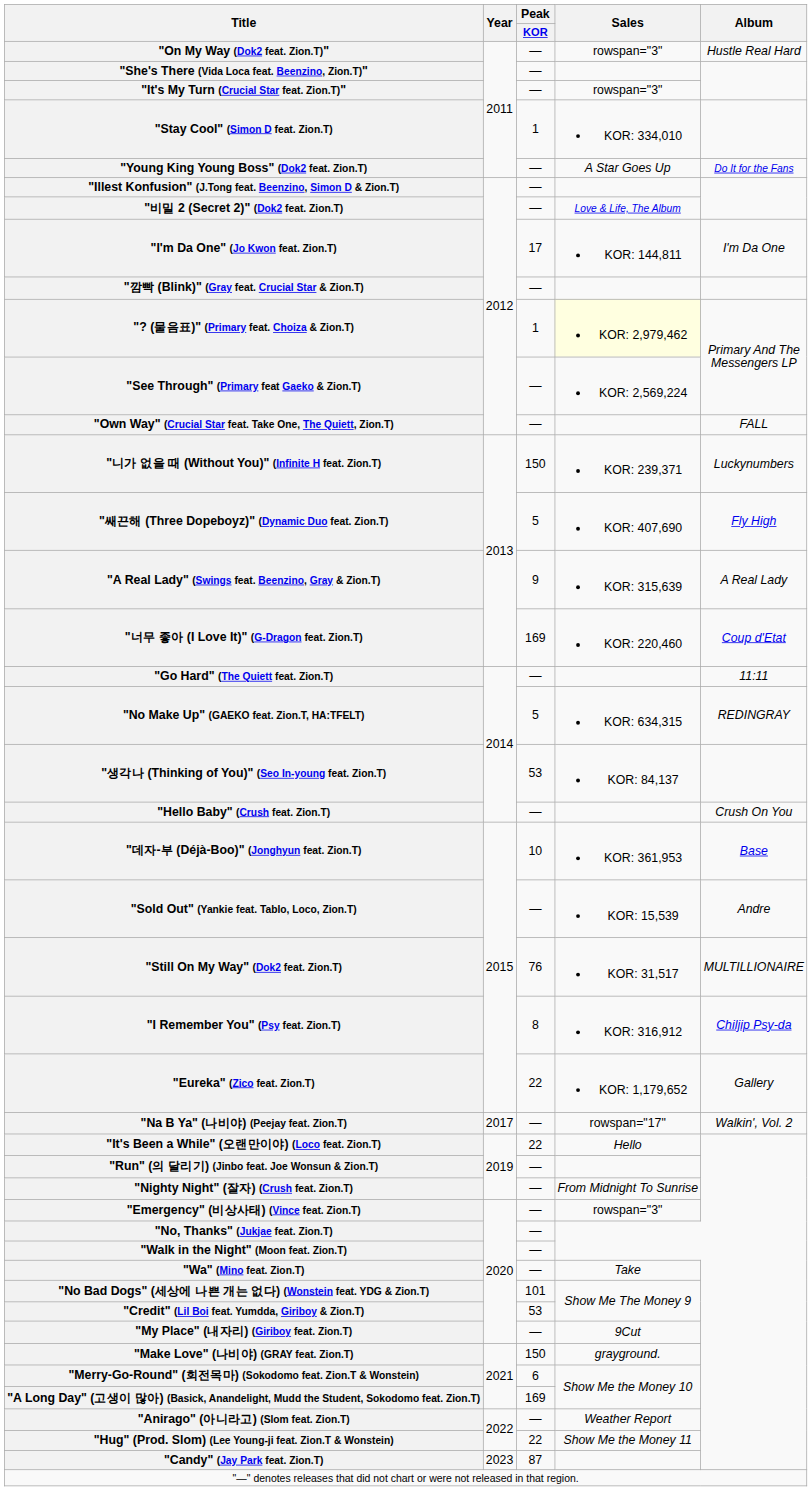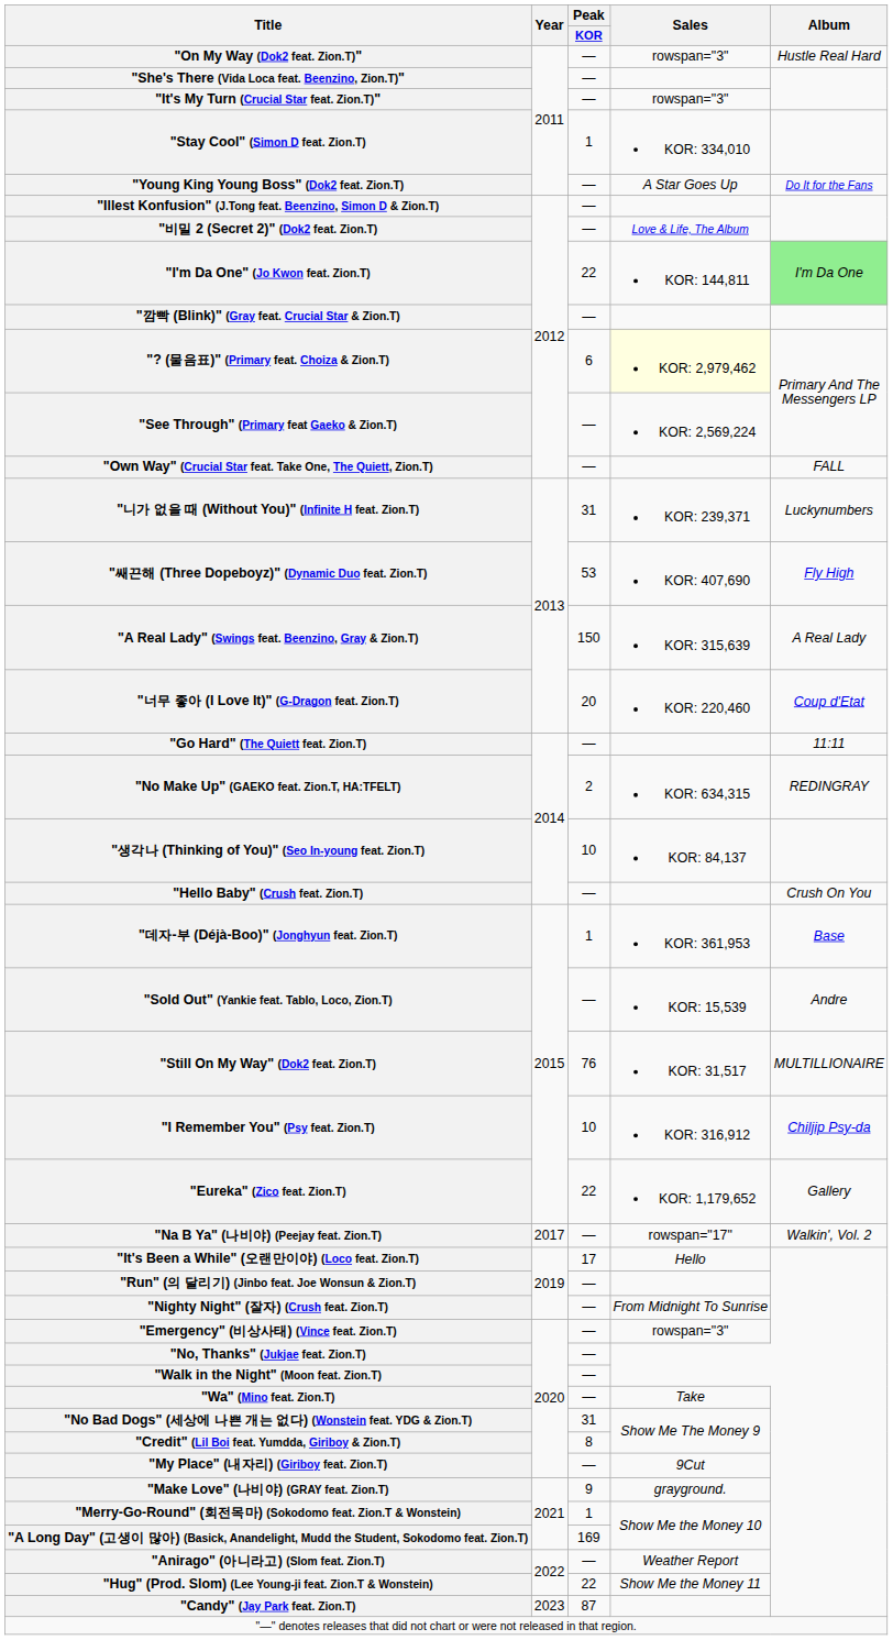 <table class="wikitable plainrowheaders" style="text-align:center">
 <tr>
 <th scope="col" rowspan="2">Title</th>
 <th scope="col" rowspan="2">Year</th>
 <th scope="col">Peak</th>
 <th scope="col" rowspan="2">Sales</th>
 <th scope="col" rowspan="2">Album</th>
 </tr>
 <tr>
 <th style="width:3em;font-size:90%"><a href='#'>KOR</a><br></th>
 </tr>
 <tr>
 <th scope="row">"On My Way <small>(<a href='#'>Dok2</a> feat. Zion.T)</small>"</th>
 <td rowspan=5>2011</td>
 <td>—</td>
 <td>rowspan="3" </td>
 <td><em>Hustle Real Hard</em></td>
 </tr>
 <tr>
 <th scope="row">"She's There <small>(Vida Loca feat. <a href='#'>Beenzino</a>, Zion.T)</small>"</th>
 <td>—</td>
 <td></td>
 </tr>
 <tr>
 <th scope="row">"It's My Turn <small>(<a href='#'>Crucial Star</a> feat. Zion.T)</small>"</th>
 <td>—</td>
 <td>rowspan="3" </td>
 </tr>
 <tr>
 <th scope="row">"Stay Cool" <small>(<a href='#'>Simon D</a> feat. Zion.T)</small></th>
 <td>1</td>
 <td><br><ul><li>KOR: 334,010</li></ul></td>
 <td></td>
 </tr>
 <tr>
 <th scope="row">"Young King Young Boss" <small>(<a href='#'>Dok2</a> feat. Zion.T)</small></th>
 <td>—</td>
 <td><em>A Star Goes Up</em></td>
 <td><small><em><a href='#'>Do It for the Fans</a></em></small></td>
 </tr>
 <tr>
 <th scope="row">"Illest Konfusion" <small>(J.Tong feat. <a href='#'>Beenzino</a>, <a href='#'>Simon D</a> & Zion.T)</small></th>
 <td rowspan=7>2012</td>
 <td>—</td>
 <td></td>
 </tr>
 <tr>
 <th scope="row">"비밀 2 (Secret 2)" <small>(<a href='#'>Dok2</a> feat. Zion.T)</small></th>
 <td>—</td>
 <td><small><em><a href='#'>Love & Life, The Album</a></em></small></td>
 </tr>
 <tr>
 <th scope="row">"I'm Da One" <small>(<a href='#'>Jo Kwon</a> feat. Zion.T)</small></th>
-<td>17</td>
+<td>22</td>
 <td><br><ul><li>KOR: 144,811</li></ul></td>
-<td><em>I'm Da One</em></td>
+<td style="background: lightgreen;"><em>I'm Da One</em></td>
 </tr>
 <tr>
 <th scope="row">"깜빡 (Blink)" <small>(<a href='#'>Gray</a> feat. <a href='#'>Crucial Star</a> & Zion.T)</small></th>
 <td>—</td>
 <td></td>
 <td></td>
 </tr>
 <tr>
 <th scope="row">"? (물음표)" <small>(<a href='#'>Primary</a> feat. <a href='#'>Choiza</a> & Zion.T)</small></th>
-<td>1</td>
+<td>6</td>
 <td style="background: lightyellow;"><br><ul><li>KOR: 2,979,462</li></ul></td>
 <td rowspan=2><em>Primary And The<br>Messengers LP</em></td>
 </tr>
 <tr>
 <th scope="row">"See Through" <small>(<a href='#'>Primary</a> feat <a href='#'>Gaeko</a> & Zion.T)</small></th>
 <td>—</td>
 <td><br><ul><li>KOR: 2,569,224</li></ul></td>
 </tr>
 <tr>
 <th scope="row">"Own Way" <small>(<a href='#'>Crucial Star</a> feat. Take One, <a href='#'>The Quiett</a>, Zion.T)</small></th>
 <td>—</td>
 <td></td>
 <td><em>FALL</em></td>
 </tr>
 <tr>
 <th scope="row">"니가 없을 때 (Without You)" <small>(<a href='#'>Infinite H</a> feat. Zion.T)</small></th>
 <td rowspan=4>2013</td>
-<td>150</td>
+<td>31</td>
 <td><br><ul><li>KOR: 239,371</li></ul></td>
 <td><em>Luckynumbers</em></td>
 </tr>
 <tr>
 <th scope="row">"쌔끈해 (Three Dopeboyz)" <small>(<a href='#'>Dynamic Duo</a> feat. Zion.T)</small></th>
-<td>5</td>
+<td>53</td>
 <td><br><ul><li>KOR: 407,690</li></ul></td>
 <td><em><a href='#'>Fly High</a></em></td>
 </tr>
 <tr>
 <th scope="row">"A Real Lady" <small>(<a href='#'>Swings</a> feat. <a href='#'>Beenzino</a>, <a href='#'>Gray</a> & Zion.T)</small></th>
-<td>9</td>
+<td>150</td>
 <td><br><ul><li>KOR: 315,639</li></ul></td>
 <td><em>A Real Lady</em></td>
 </tr>
 <tr>
 <th scope="row">"너무 좋아 (I Love It)" <small>(<a href='#'>G-Dragon</a> feat. Zion.T)</small></th>
-<td>169</td>
+<td>20</td>
 <td><br><ul><li>KOR: 220,460</li></ul></td>
 <td><em><a href='#'>Coup d'Etat</a></em></td>
 </tr>
 <tr>
 <th scope="row">"Go Hard" <small>(<a href='#'>The Quiett</a> feat. Zion.T)</small></th>
 <td rowspan=4>2014</td>
 <td>—</td>
 <td></td>
 <td><em>11:11</em></td>
 </tr>
 <tr>
 <th scope="row">"No Make Up" <small>(GAEKO feat. Zion.T, HA:TFELT)</small></th>
-<td>5</td>
+<td>2</td>
 <td><br><ul><li>KOR: 634,315</li></ul></td>
 <td><em>REDINGRAY</em></td>
 </tr>
 <tr>
 <th scope="row">"생각나 (Thinking of You)" <small>(<a href='#'>Seo In-young</a> feat. Zion.T)</small></th>
-<td>53</td>
+<td>10</td>
 <td><br><ul><li>KOR: 84,137</li></ul></td>
 <td></td>
 </tr>
 <tr>
 <th scope="row">"Hello Baby" <small>(<a href='#'>Crush</a> feat. Zion.T)</small></th>
 <td>—</td>
 <td></td>
 <td><em>Crush On You</em></td>
 </tr>
 <tr>
 <th scope="row">"데자-부 (Déjà-Boo)" <small>(<a href='#'>Jonghyun</a> feat. Zion.T)</small></th>
 <td rowspan=5>2015</td>
-<td>10</td>
+<td>1</td>
 <td><br><ul><li>KOR: 361,953</li></ul></td>
 <td><em><a href='#'>Base</a></em></td>
 </tr>
 <tr>
 <th scope="row">"Sold Out" <small>(Yankie feat. Tablo, Loco, Zion.T)</small></th>
 <td>—</td>
 <td><br><ul><li>KOR: 15,539</li></ul></td>
 <td><em>Andre</em></td>
 </tr>
 <tr>
 <th scope="row">"Still On My Way" <small>(<a href='#'>Dok2</a> feat. Zion.T)</small></th>
 <td>76</td>
 <td><br><ul><li>KOR: 31,517</li></ul></td>
 <td><em>MULTILLIONAIRE</em></td>
 </tr>
 <tr>
 <th scope="row">"I Remember You" <small>(<a href='#'>Psy</a> feat. Zion.T)</small></th>
-<td>8</td>
+<td>10</td>
 <td><br><ul><li>KOR: 316,912</li></ul></td>
 <td><em><a href='#'>Chiljip Psy-da</a></em></td>
 </tr>
 <tr>
 <th scope="row">"Eureka" <small>(<a href='#'>Zico</a> feat. Zion.T)</small></th>
 <td>22</td>
 <td><br><ul><li>KOR: 1,179,652</li></ul></td>
 <td><em>Gallery</em></td>
 </tr>
 <tr>
 <th scope="row">"Na B Ya" (나비야) <small>(Peejay feat. Zion.T)</small></th>
 <td>2017</td>
 <td>—</td>
 <td>rowspan="17" </td>
 <td><em>Walkin', Vol. 2</em></td>
 </tr>
 <tr>
 <th scope="row">"It's Been a While" (오랜만이야) <small>(<a href='#'>Loco</a> feat. Zion.T)</small></th>
 <td rowspan=3>2019</td>
-<td>22</td>
+<td>17</td>
 <td><em>Hello</em></td>
 </tr>
 <tr>
 <th scope="row" align="left">"Run" (의 달리기) <small>(Jinbo feat. Joe Wonsun & Zion.T)</small></th>
 <td>—</td>
 <td></td>
 </tr>
 <tr>
 <th scope="row">"Nighty Night" (잘자) <small>(<a href='#'>Crush</a> feat. Zion.T)</small></th>
 <td>—</td>
 <td><em>From Midnight To Sunrise</em></td>
 </tr>
 <tr>
 <th scope="row">"Emergency" (비상사태) <small>(<a href='#'>Vince</a> feat. Zion.T)</small></th>
 <td rowspan=7>2020</td>
 <td>—</td>
 <td>rowspan="3" </td>
 </tr>
 <tr>
 <th scope="row">"No, Thanks" <small>(<a href='#'>Jukjae</a> feat. Zion.T)</small></th>
 <td>—</td>
 </tr>
 <tr>
 <th scope="row">"Walk in the Night" <small>(Moon feat. Zion.T)</small></th>
 <td>—</td>
 </tr>
 <tr>
 <th scope="row">"Wa" <small>(<a href='#'>Mino</a> feat. Zion.T)</small></th>
 <td>—</td>
 <td><em>Take</em></td>
 </tr>
 <tr>
 <th scope="row">"No Bad Dogs" (세상에 나쁜 개는 없다) <small>(<a href='#'>Wonstein</a> feat. YDG & Zion.T)</small></th>
-<td>101</td>
+<td>31</td>
 <td rowspan=2><em>Show Me The Money 9</em></td>
 </tr>
 <tr>
 <th scope="row">"Credit" <small>(<a href='#'>Lil Boi</a> feat. Yumdda, <a href='#'>Giriboy</a> & Zion.T)</small></th>
-<td>53</td>
+<td>8</td>
 </tr>
 <tr>
 <th scope="row">"My Place" (내자리) <small>(<a href='#'>Giriboy</a> feat. Zion.T)</small></th>
 <td>—</td>
 <td><em>9Cut</em></td>
 </tr>
 <tr>
 <th scope="row">"Make Love" (나비야) <small>(GRAY feat. Zion.T)</small></th>
 <td rowspan=3>2021</td>
-<td>150</td>
+<td>9</td>
 <td><em>grayground.</em></td>
 </tr>
 <tr>
 <th scope="row">"Merry-Go-Round" (회전목마) <small>(Sokodomo feat. Zion.T & Wonstein)</small></th>
-<td>6</td>
+<td>1</td>
 <td rowspan=2><em>Show Me the Money 10</em></td>
 </tr>
 <tr>
 <th scope="row">"A Long Day" (고생이 많아) <small>(Basick, Anandelight, Mudd the Student, Sokodomo feat. Zion.T)</small></th>
 <td>169</td>
 </tr>
 <tr>
 <th scope="row">"Anirago" (아니라고) <small>(Slom feat. Zion.T)</small></th>
 <td rowspan=2>2022</td>
 <td>—</td>
 <td><em>Weather Report</em></td>
 </tr>
 <tr>
 <th scope="row">"Hug" (Prod. Slom) <small>(Lee Young-ji feat. Zion.T & Wonstein)</small></th>
 <td>22</td>
 <td><em>Show Me the Money 11</em></td>
 </tr>
 <tr>
 <th scope="row">"Candy" <small>(<a href='#'>Jay Park</a> feat. Zion.T)</small></th>
 <td>2023</td>
 <td>87</td>
 <td></td>
 </tr>
 <tr>
 <td align="center" colspan="5" style="font-size:85%">"—" denotes releases that did not chart or were not released in that region.</td>
 </tr>
 </table>
